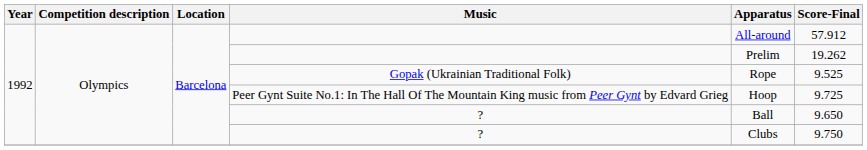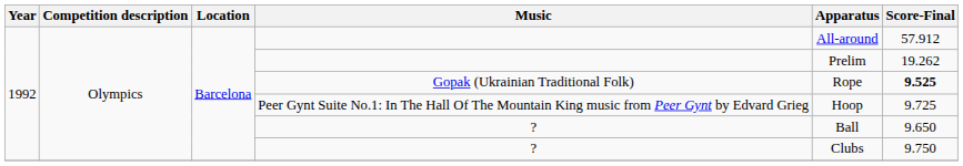 <table class="wikitable" style="text-align:center">
 <tr>
 <th>Year</th>
 <th>Competition description</th>
 <th>Location</th>
 <th>Music </th>
 <th>Apparatus</th>
 <th>Score-Final</th>
 </tr>
 <tr>
 <td rowspan="6">1992</td>
 <td rowspan="6">Olympics</td>
 <td rowspan="6"><a href='#'>Barcelona</a></td>
 <td></td>
 <td><a href='#'>All-around</a></td>
 <td>57.912</td>
 </tr>
 <tr>
 <td></td>
 <td>Prelim</td>
 <td>19.262</td>
 </tr>
 <tr>
 <td><a href='#'>Gopak</a> (Ukrainian Traditional Folk)</td>
 <td>Rope</td>
-<td>9.525</td>
+<td><strong>9.525</strong></td>
 </tr>
 <tr>
 <td>Peer Gynt Suite No.1: In The Hall Of The Mountain King music from <em><a href='#'>Peer Gynt</a></em> by Edvard Grieg</td>
 <td>Hoop</td>
 <td>9.725</td>
 </tr>
 <tr>
 <td>?</td>
 <td>Ball</td>
 <td>9.650</td>
 </tr>
 <tr>
 <td>?</td>
 <td>Clubs</td>
 <td>9.750</td>
 </tr>
 <tr>
 </tr>
 </table>
